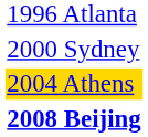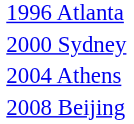 <table>
 <tr>
 <td><a href='#'>1996 Atlanta</a><br></td>
 <td></td>
 <td></td>
 <td></td>
 </tr>
 <tr>
 <td><a href='#'>2000 Sydney</a><br></td>
 <td></td>
 <td></td>
 <td></td>
 </tr>
 <tr>
-<td style="background: gold;"><a href='#'>2004 Athens</a><br></td>
+<td><a href='#'>2004 Athens</a><br></td>
 <td></td>
 <td></td>
 <td></td>
 </tr>
 <tr>
-<td><strong><a href='#'>2008 Beijing</a><br></strong></td>
+<td><a href='#'>2008 Beijing</a><br></td>
 <td></td>
 <td></td>
 <td></td>
 </tr>
 </table>
